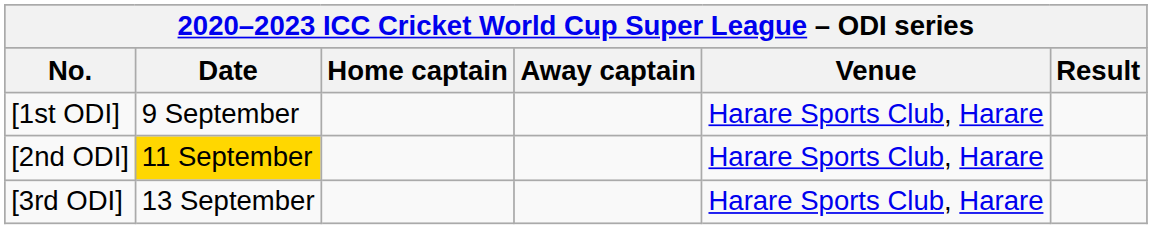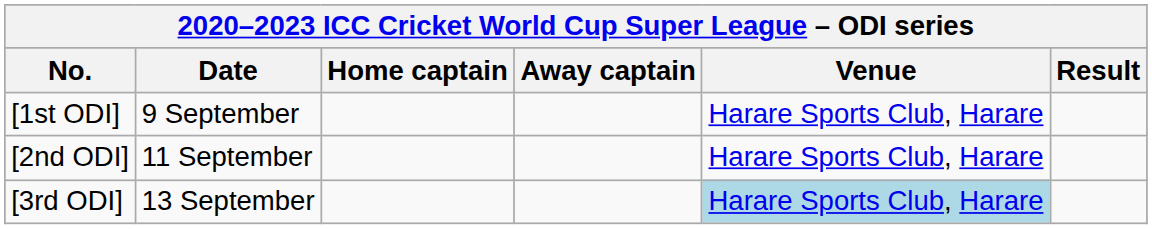 <table class="wikitable">
 <tr>
 <th colspan="9"><a href='#'>2020–2023 ICC Cricket World Cup Super League</a> – ODI series</th>
 </tr>
 <tr>
 <th>No.</th>
 <th>Date</th>
 <th>Home captain</th>
 <th>Away captain</th>
 <th>Venue</th>
 <th>Result</th>
 </tr>
 <tr>
 <td>[1st ODI]</td>
 <td>9 September</td>
 <td></td>
 <td></td>
 <td><a href='#'>Harare Sports Club</a>, <a href='#'>Harare</a></td>
 <td></td>
 </tr>
 <tr>
 <td>[2nd ODI]</td>
-<td style="background: gold;">11 September</td>
+<td>11 September</td>
 <td></td>
 <td></td>
 <td><a href='#'>Harare Sports Club</a>, <a href='#'>Harare</a></td>
 <td></td>
 </tr>
 <tr>
 <td>[3rd ODI]</td>
 <td>13 September</td>
 <td></td>
 <td></td>
-<td><a href='#'>Harare Sports Club</a>, <a href='#'>Harare</a></td>
+<td style="background: lightblue;"><a href='#'>Harare Sports Club</a>, <a href='#'>Harare</a></td>
 <td></td>
 </tr>
 </table>
